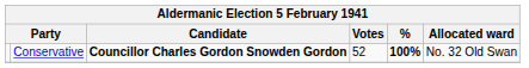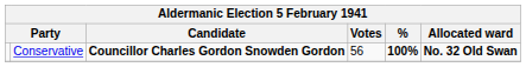 <table class="wikitable">
 <tr>
 <th colspan="6"><strong>Aldermanic Election 5 February 1941</strong></th>
 </tr>
 <tr>
 <th colspan="2">Party</th>
 <th>Candidate</th>
 <th>Votes</th>
 <th>%</th>
 <th>Allocated ward</th>
 </tr>
 <tr>
 <td style="background-color:"></td>
 <td><a href='#'>Conservative</a></td>
 <td><strong>Councillor Charles Gordon Snowden Gordon</strong></td>
-<td>52</td>
+<td>56</td>
 <td><strong>100%</strong></td>
-<td>No. 32 Old Swan</td>
+<td><strong>No. 32 Old Swan</strong></td>
 </tr>
 <tr>
 </tr>
 </table>
